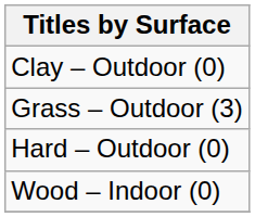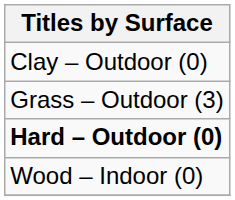 <table class="wikitable" style="display:inline-table;">
 <tr>
 <th>Titles by Surface</th>
 </tr>
 <tr>
 <td>Clay – Outdoor (0)</td>
 </tr>
 <tr>
 <td>Grass – Outdoor (3)</td>
 </tr>
 <tr>
-<td>Hard – Outdoor (0)</td>
+<td><strong>Hard – Outdoor (0)</strong></td>
 </tr>
 <tr>
 <td>Wood – Indoor (0)</td>
 </tr>
 <tr>
 </tr>
 </table>
